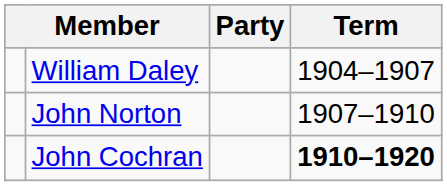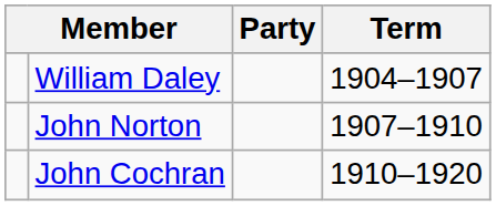 <table class="wikitable">
 <tr>
 <th colspan="2">Member</th>
 <th>Party</th>
 <th>Term</th>
 </tr>
 <tr>
 <td> </td>
 <td><a href='#'>William Daley</a></td>
 <td></td>
 <td>1904–1907</td>
 </tr>
 <tr>
 <td> </td>
 <td><a href='#'>John Norton</a></td>
 <td></td>
 <td>1907–1910</td>
 </tr>
 <tr>
 <td> </td>
 <td><a href='#'>John Cochran</a></td>
 <td></td>
-<td><strong>1910–1920</strong></td>
+<td>1910–1920</td>
 </tr>
 </table>
